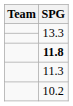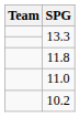 <table class=wikitable>
 <tr>
 <th>Team</th>
 <th>SPG</th>
 </tr>
 <tr>
 <td></td>
 <td align=center rowspan=2>13.3</td>
 </tr>
 <tr>
 <td></td>
 </tr>
 <tr>
 <td></td>
-<td align=center><strong>11.8</strong></td>
+<td align=center>11.8</td>
 </tr>
 <tr>
 <td></td>
-<td align=center>11.3</td>
+<td align=center>11.0</td>
 </tr>
 <tr>
 <td></td>
 <td align=center>10.2</td>
 </tr>
 </table>
